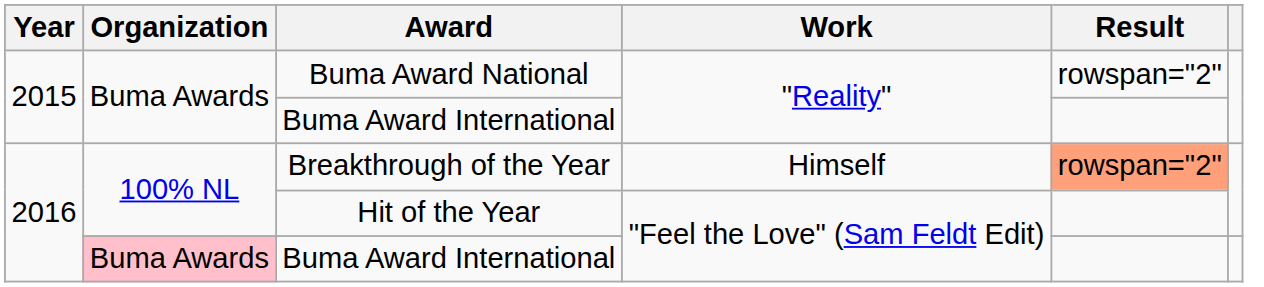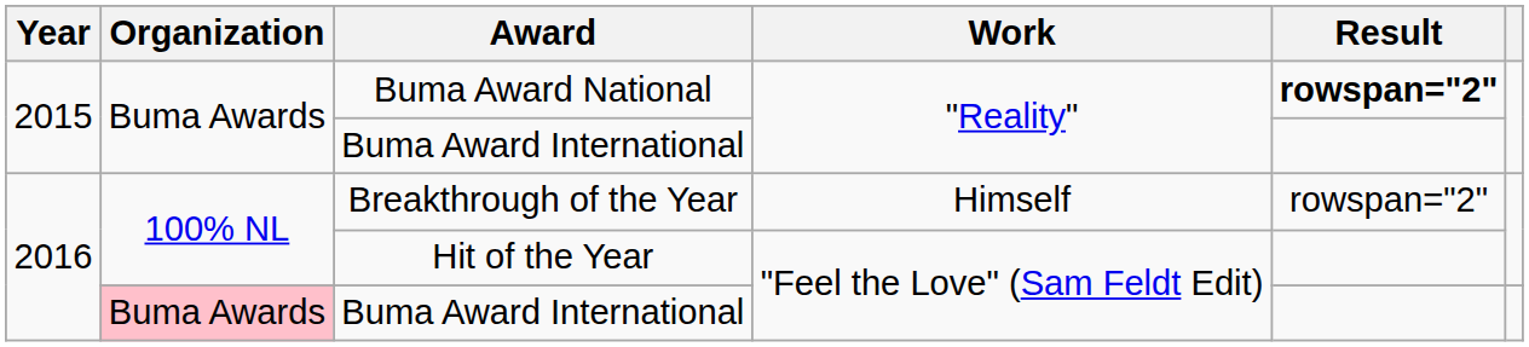 <table class="wikitable plainrowheaders" style="text-align:center;">
 <tr>
 <th>Year</th>
 <th>Organization</th>
 <th>Award</th>
 <th>Work</th>
 <th>Result</th>
 <th></th>
 </tr>
 <tr>
 <td rowspan="2">2015</td>
 <td rowspan="2">Buma Awards</td>
 <td>Buma Award National</td>
 <td rowspan="2">"<a href='#'>Reality</a>"</td>
-<td>rowspan="2" </td>
+<td><strong>rowspan="2" </strong></td>
 <td rowspan="2"></td>
 </tr>
 <tr>
 <td>Buma Award International</td>
 </tr>
 <tr>
 <td rowspan="3">2016</td>
 <td rowspan="2"><a href='#'>100% NL</a></td>
 <td>Breakthrough of the Year</td>
 <td>Himself</td>
-<td style="background: lightsalmon;">rowspan="2" </td>
+<td>rowspan="2" </td>
 <td rowspan="2"></td>
 </tr>
 <tr>
 <td>Hit of the Year</td>
 <td rowspan="2">"Feel the Love" (<a href='#'>Sam Feldt</a> Edit)</td>
 </tr>
 <tr>
 <td style="background: pink;">Buma Awards</td>
 <td>Buma Award International</td>
 <td></td>
 <td></td>
 </tr>
 </table>
